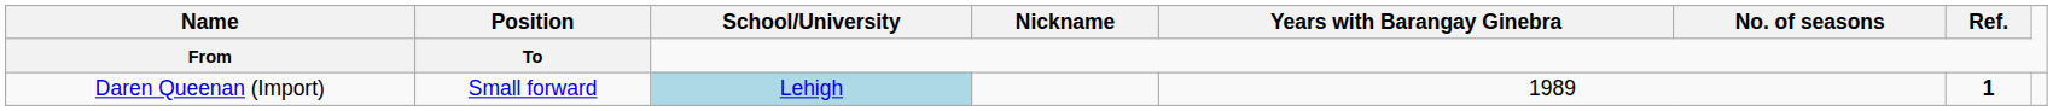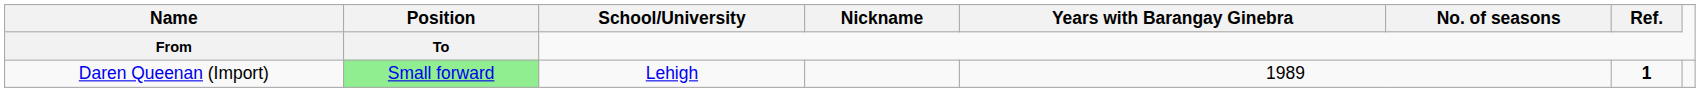 <table class="wikitable sortable" style="text-align:center" width="98%">
 <tr>
 <th>Name</th>
 <th>Position</th>
 <th>School/University</th>
 <th>Nickname</th>
 <th>Years with Barangay Ginebra</th>
 <th>No. of seasons</th>
 <th>Ref.</th>
 </tr>
 <tr>
 <th><small>From</small></th>
 <th><small>To</small></th>
 </tr>
 <tr>
 <td><a href='#'>Daren Queenan</a> (Import)</td>
-<td><a href='#'>Small forward</a></td>
-<td style="background: lightblue;"><a href='#'>Lehigh</a></td>
+<td style="background: lightgreen;"><a href='#'>Small forward</a></td>
+<td><a href='#'>Lehigh</a></td>
 <td></td>
 <td colspan="2">1989</td>
 <td><strong>1</strong></td>
 <td></td>
 </tr>
 </table>
